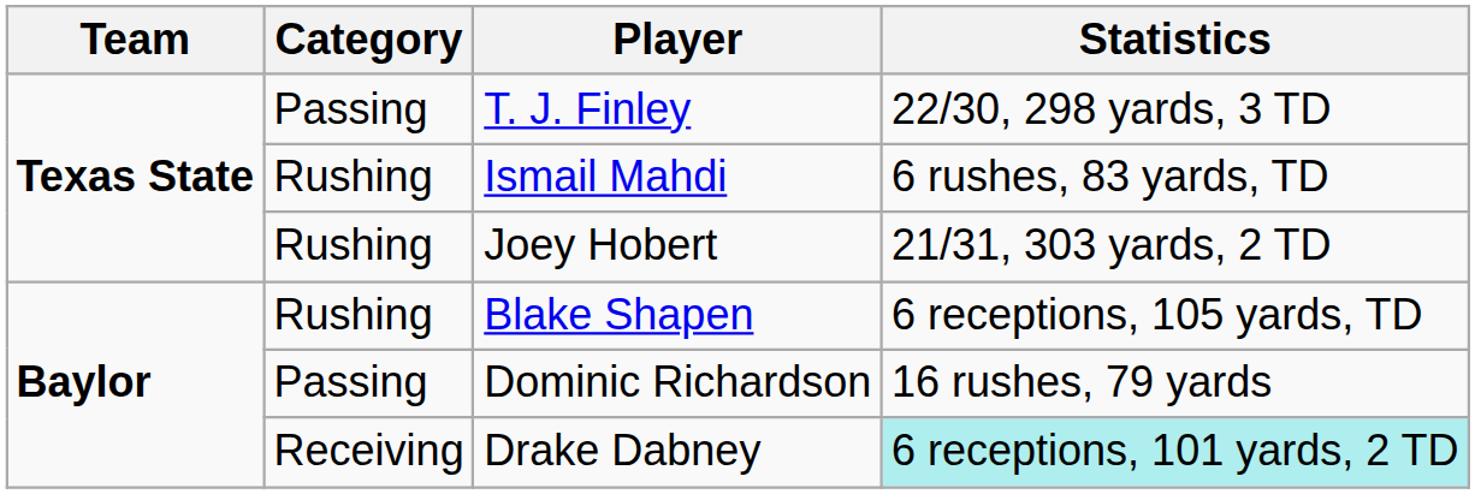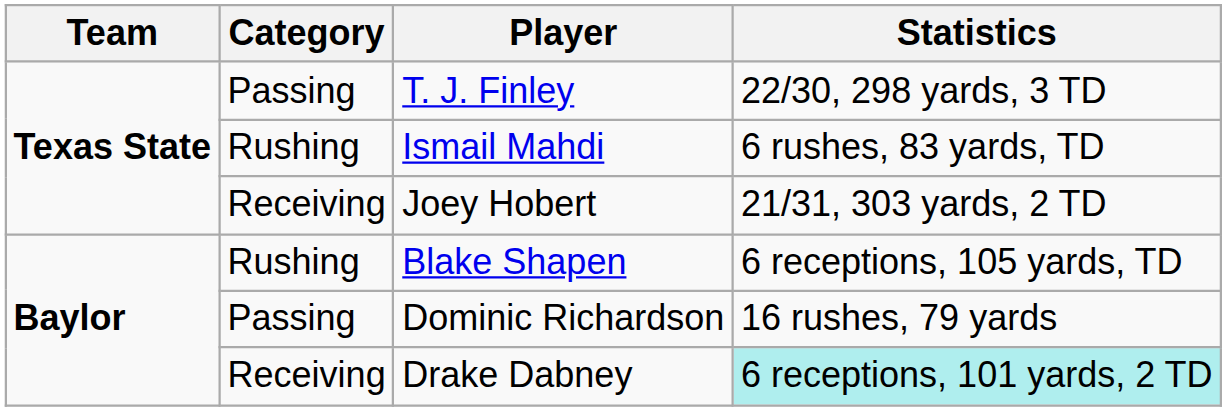 <table class="wikitable" style="float: right;">
 <tr>
 <th>Team</th>
 <th>Category</th>
 <th>Player</th>
 <th>Statistics</th>
 </tr>
 <tr>
 <td rowspan=3><strong>Texas State</strong></td>
 <td>Passing</td>
 <td><a href='#'>T. J. Finley</a></td>
 <td>22/30, 298 yards, 3 TD</td>
 </tr>
 <tr>
 <td>Rushing</td>
 <td><a href='#'>Ismail Mahdi</a></td>
 <td>6 rushes, 83 yards, TD</td>
 </tr>
 <tr>
-<td>Rushing</td>
+<td>Receiving</td>
 <td>Joey Hobert</td>
 <td>21/31, 303 yards, 2 TD</td>
 </tr>
 <tr>
 <td rowspan=3><strong>Baylor</strong></td>
 <td>Rushing</td>
 <td><a href='#'>Blake Shapen</a></td>
 <td>6 receptions, 105 yards, TD</td>
 </tr>
 <tr>
 <td>Passing</td>
 <td>Dominic Richardson</td>
 <td>16 rushes, 79 yards</td>
 </tr>
 <tr>
 <td>Receiving</td>
 <td>Drake Dabney</td>
 <td style="background: paleturquoise;">6 receptions, 101 yards, 2 TD</td>
 </tr>
 </table>
